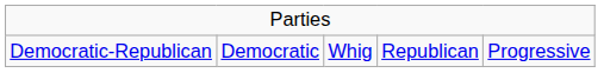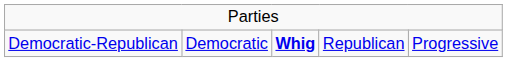 <table class="wikitable">
 <tr>
 <td style="text-align:center;" colspan="5">Parties</td>
 </tr>
 <tr>
 <td><a href='#'>Democratic-Republican</a></td>
 <td><a href='#'>Democratic</a></td>
-<td><a href='#'>Whig</a></td>
+<td><strong><a href='#'>Whig</a></strong></td>
 <td><a href='#'>Republican</a></td>
 <td><a href='#'>Progressive</a></td>
 </tr>
 </table>
